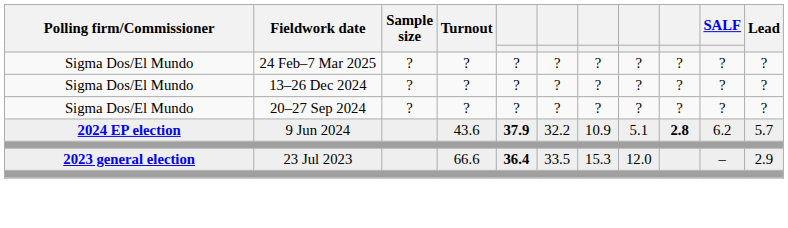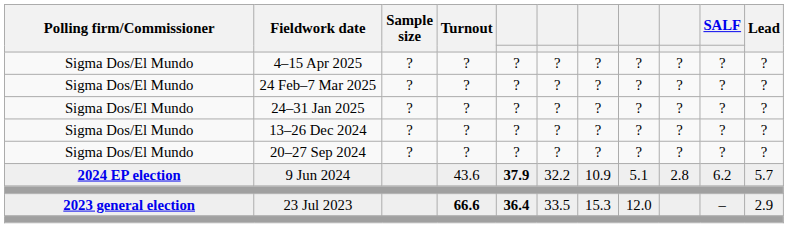 <table class="wikitable collapsible collapsed" style="text-align:center; font-size:95%; line-height:16px;">
 <tr style="height:42px;">
 <th style="width:250px;" rowspan="2">Polling firm/Commissioner</th>
 <th style="width:125px;" rowspan="2">Fieldwork date</th>
 <th style="width:50px;" rowspan="2">Sample size</th>
 <th style="width:45px;" rowspan="2">Turnout</th>
 <th style="width:35px;"></th>
 <th style="width:35px;"></th>
 <th style="width:35px;"></th>
 <th style="width:35px;"></th>
 <th style="width:35px;"></th>
 <th style="width:35px;"><a href='#'>SALF</a></th>
 <th style="width:30px;" rowspan="2">Lead</th>
 </tr>
 <tr>
 <th style="color:inherit;background:"></th>
 <th style="color:inherit;background:"></th>
 <th style="color:inherit;background:"></th>
 <th style="color:inherit;background:"></th>
 <th style="color:inherit;background:"></th>
 <th style="color:inherit;background:"></th>
 </tr>
 <tr>
 <td>Sigma Dos/El Mundo</td>
+<td>4–15 Apr 2025</td>
+<td>?</td>
+<td>?</td>
+<td>?<br></td>
+<td>?<br></td>
+<td>?<br></td>
+<td>?<br></td>
+<td>?<br></td>
+<td>?<br></td>
+<td style="background:">?</td>
+</tr>
+<tr>
+<td>Sigma Dos/El Mundo</td>
 <td>24 Feb–7 Mar 2025</td>
+<td>?</td>
+<td>?</td>
+<td>?<br></td>
+<td>?<br></td>
+<td>?<br></td>
+<td>?<br></td>
+<td>?<br></td>
+<td>?<br></td>
+<td style="background:">?</td>
+</tr>
+<tr>
+<td>Sigma Dos/El Mundo</td>
+<td>24–31 Jan 2025</td>
 <td>?</td>
 <td>?</td>
 <td>?<br></td>
 <td>?<br></td>
 <td>?<br></td>
 <td>?<br></td>
 <td>?<br></td>
 <td>?<br></td>
 <td style="background:">?</td>
 </tr>
 <tr>
 <td>Sigma Dos/El Mundo</td>
 <td>13–26 Dec 2024</td>
 <td>?</td>
 <td>?</td>
 <td>?<br></td>
 <td>?<br></td>
 <td>?<br></td>
 <td>?<br></td>
 <td>?<br></td>
 <td>?<br></td>
 <td style="background:">?</td>
 </tr>
 <tr>
 <td>Sigma Dos/El Mundo</td>
 <td>20–27 Sep 2024</td>
 <td>?</td>
 <td>?</td>
 <td>?<br></td>
 <td>?<br></td>
 <td>?<br></td>
 <td>?<br></td>
 <td>?<br></td>
 <td>?<br></td>
 <td style="background:">?</td>
 </tr>
 <tr style="background:#EFEFEF;">
 <td><strong><a href='#'>2024 EP election</a></strong></td>
 <td>9 Jun 2024</td>
 <td></td>
 <td>43.6</td>
 <td><strong>37.9</strong><br></td>
 <td>32.2<br></td>
 <td>10.9<br></td>
 <td>5.1<br></td>
-<td><strong>2.8<br></strong></td>
+<td>2.8<br></td>
 <td>6.2<br></td>
 <td style="background:">5.7</td>
 </tr>
 <tr>
 <td colspan="11" style="background:#A0A0A0"></td>
 </tr>
 <tr style="background:#EFEFEF;">
 <td><strong><a href='#'>2023 general election</a></strong></td>
 <td>23 Jul 2023</td>
 <td></td>
-<td>66.6</td>
+<td><strong>66.6</strong></td>
 <td><strong>36.4</strong><br></td>
 <td>33.5<br></td>
 <td>15.3<br></td>
 <td>12.0<br></td>
 <td></td>
 <td>–</td>
 <td style="background:">2.9</td>
 </tr>
 <tr>
 <td colspan="11" style="background:#A0A0A0"></td>
 </tr>
 </table>
